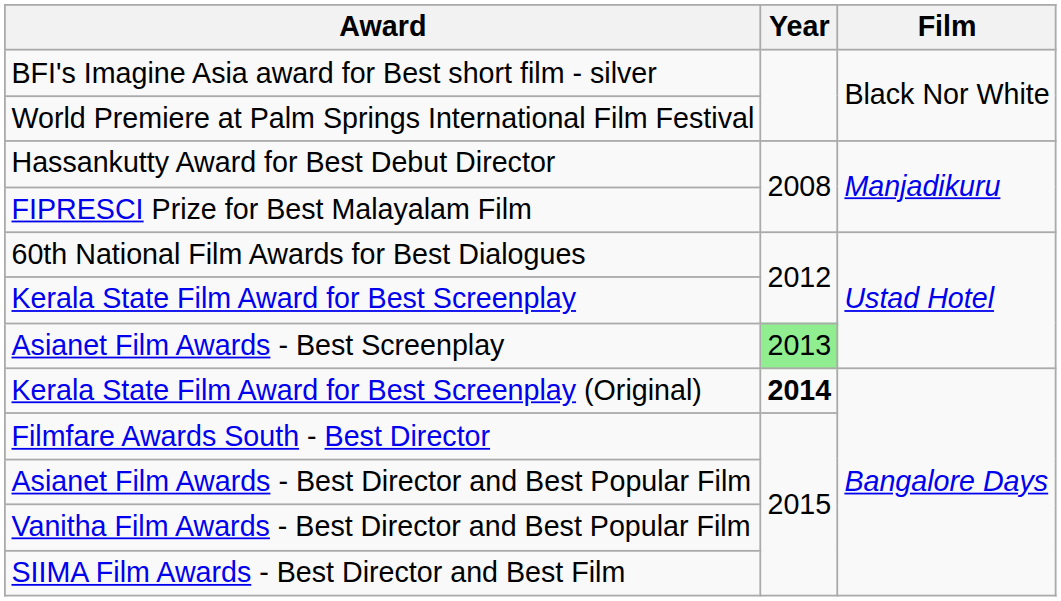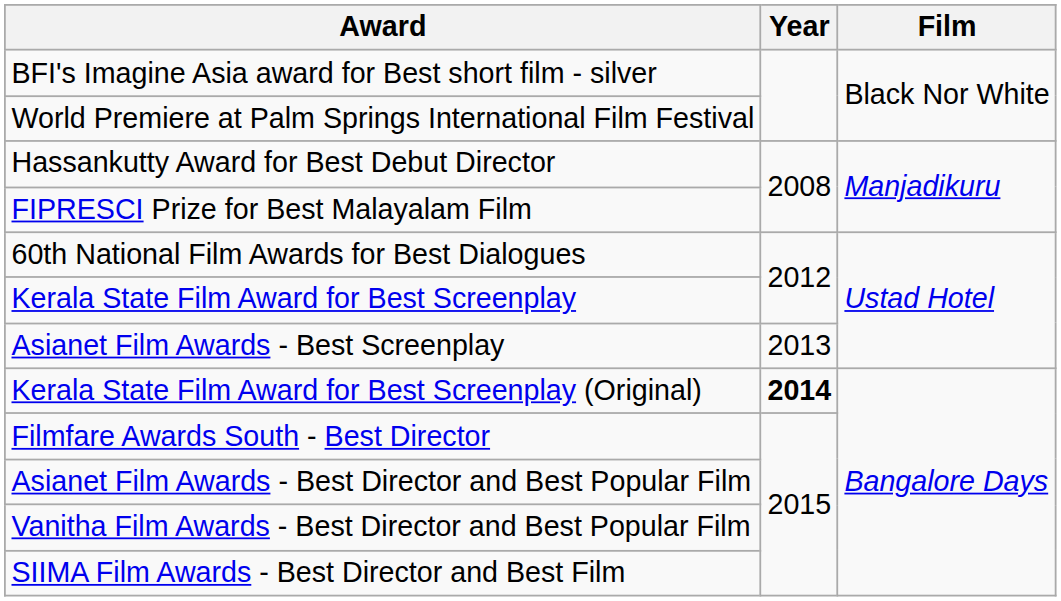 <table class="wikitable">
 <tr>
 <th>Award</th>
 <th>Year</th>
 <th>Film</th>
 </tr>
 <tr>
 <td>BFI's Imagine Asia award for Best short film - silver</td>
 <td rowspan="2"></td>
 <td rowspan="2">Black Nor White</td>
 </tr>
 <tr>
 <td>World Premiere at Palm Springs International Film Festival</td>
 </tr>
 <tr>
 <td>Hassankutty Award for Best Debut Director</td>
 <td rowspan="2">2008</td>
 <td rowspan="2"><em><a href='#'>Manjadikuru</a></em></td>
 </tr>
 <tr>
 <td><a href='#'>FIPRESCI</a> Prize for Best Malayalam Film</td>
 </tr>
 <tr>
 <td>60th National Film Awards for Best Dialogues</td>
 <td rowspan="2">2012</td>
 <td rowspan="3"><em><a href='#'>Ustad Hotel</a></em></td>
 </tr>
 <tr>
 <td><a href='#'>Kerala State Film Award for Best Screenplay</a></td>
 </tr>
 <tr>
 <td><a href='#'>Asianet Film Awards</a> - Best Screenplay</td>
-<td style="background: lightgreen;">2013</td>
+<td>2013</td>
 </tr>
 <tr>
 <td><a href='#'>Kerala State Film Award for Best Screenplay</a> (Original)</td>
 <td><strong>2014</strong></td>
 <td rowspan="5"><em><a href='#'>Bangalore Days</a></em></td>
 </tr>
 <tr>
 <td><a href='#'>Filmfare Awards South</a> - <a href='#'>Best Director</a></td>
 <td rowspan="4">2015</td>
 </tr>
 <tr>
 <td><a href='#'>Asianet Film Awards</a> - Best Director and Best Popular Film</td>
 </tr>
 <tr>
 <td><a href='#'>Vanitha Film Awards</a> - Best Director and Best Popular Film</td>
 </tr>
 <tr>
 <td><a href='#'>SIIMA Film Awards</a> - Best Director and Best Film</td>
 </tr>
 </table>
